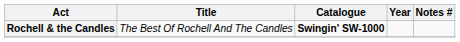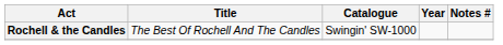 <table class="wikitable plainrowheaders sortable">
 <tr>
 <th scope="col" class="unsortable">Act</th>
 <th scope="col">Title</th>
 <th scope="col">Catalogue</th>
 <th scope="col">Year</th>
 <th scope="col" class="unsortable">Notes #</th>
 </tr>
 <tr>
 <th scope="row">Rochell & the Candles</th>
 <td><em>The Best Of Rochell And The Candles</em></td>
-<td><strong>Swingin' SW-1000</strong></td>
+<td>Swingin' SW-1000</td>
 <td></td>
 <td></td>
 </tr>
 <tr>
 </tr>
 </table>
